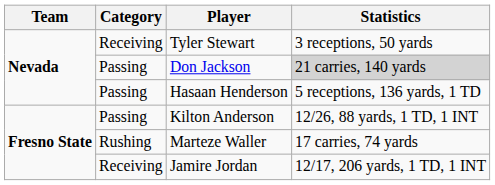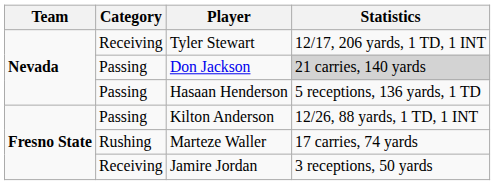 <table class="wikitable" style="float: left;">
 <tr>
 <th>Team</th>
 <th>Category</th>
 <th>Player</th>
 <th>Statistics</th>
 </tr>
 <tr>
 <td rowspan=3><strong>Nevada</strong></td>
 <td>Receiving</td>
 <td>Tyler Stewart</td>
-<td>3 receptions, 50 yards</td>
+<td>12/17, 206 yards, 1 TD, 1 INT</td>
 </tr>
 <tr>
 <td>Passing</td>
 <td><a href='#'>Don Jackson</a></td>
 <td style="background: lightgrey;">21 carries, 140 yards</td>
 </tr>
 <tr>
 <td>Passing</td>
 <td>Hasaan Henderson</td>
 <td>5 receptions, 136 yards, 1 TD</td>
 </tr>
 <tr>
 <td rowspan=3><strong>Fresno State</strong></td>
 <td>Passing</td>
 <td>Kilton Anderson</td>
 <td>12/26, 88 yards, 1 TD, 1 INT</td>
 </tr>
 <tr>
 <td>Rushing</td>
 <td>Marteze Waller</td>
 <td>17 carries, 74 yards</td>
 </tr>
 <tr>
 <td>Receiving</td>
 <td>Jamire Jordan</td>
-<td>12/17, 206 yards, 1 TD, 1 INT</td>
+<td>3 receptions, 50 yards</td>
 </tr>
 </table>
